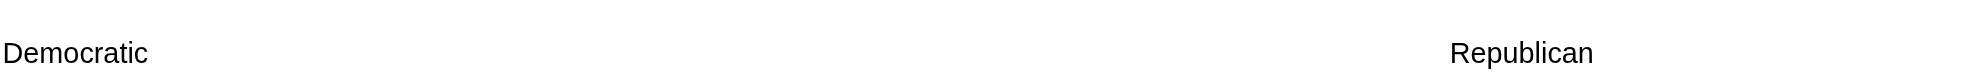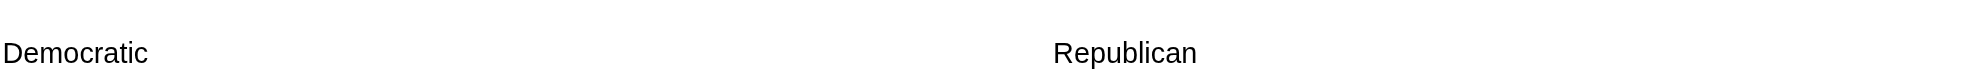 <table style="width:70%; text-align:center">
 <tr style="color:white">
 <td style="background:"><strong>141</strong></td>
+<td style="background:"><strong>132</strong></td>
+<td style="background:"><strong>13</strong></td>
 <td style="background:"><strong>7</strong></td>
-<td style="background:"><strong>13</strong></td>
-<td style="background:"><strong>132</strong></td>
 </tr>
 <tr>
 <td>Democratic</td>
+<td>Republican</td>
 <td></td>
 <td></td>
-<td>Republican</td>
 </tr>
 </table>
